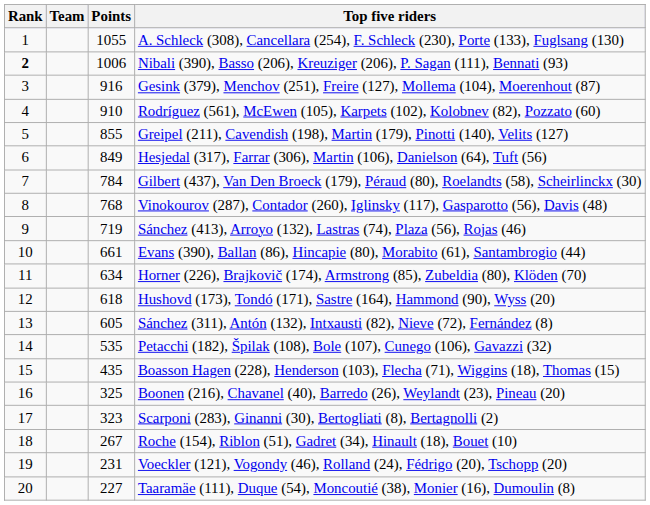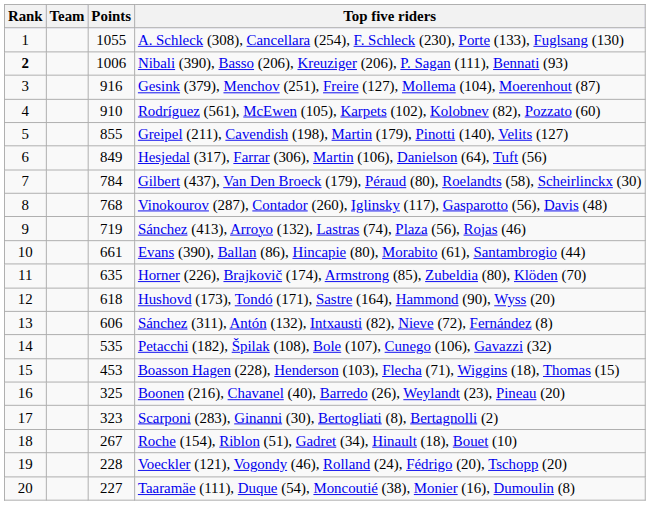 <table class="wikitable">
 <tr style="background:#ccccff;">
 <th>Rank</th>
 <th>Team</th>
 <th>Points</th>
 <th>Top five riders</th>
 </tr>
 <tr>
 <td align=center>1</td>
 <td></td>
 <td align=center>1055</td>
 <td><a href='#'>A. Schleck</a> (308), <a href='#'>Cancellara</a> (254), <a href='#'>F. Schleck</a> (230), <a href='#'>Porte</a> (133), <a href='#'>Fuglsang</a> (130)</td>
 </tr>
 <tr>
 <td align=center><strong>2</strong></td>
 <td></td>
 <td align=center>1006</td>
 <td><a href='#'>Nibali</a> (390), <a href='#'>Basso</a> (206), <a href='#'>Kreuziger</a> (206), <a href='#'>P. Sagan</a> (111), <a href='#'>Bennati</a> (93)</td>
 </tr>
 <tr>
 <td align=center>3</td>
 <td></td>
 <td align=center>916</td>
 <td><a href='#'>Gesink</a> (379), <a href='#'>Menchov</a> (251), <a href='#'>Freire</a> (127), <a href='#'>Mollema</a> (104), <a href='#'>Moerenhout</a> (87)</td>
 </tr>
 <tr>
 <td align=center>4</td>
 <td></td>
 <td align=center>910</td>
 <td><a href='#'>Rodríguez</a> (561), <a href='#'>McEwen</a> (105), <a href='#'>Karpets</a> (102), <a href='#'>Kolobnev</a> (82), <a href='#'>Pozzato</a> (60)</td>
 </tr>
 <tr>
 <td align=center>5</td>
 <td></td>
 <td align=center>855</td>
 <td><a href='#'>Greipel</a> (211), <a href='#'>Cavendish</a> (198), <a href='#'>Martin</a> (179), <a href='#'>Pinotti</a> (140), <a href='#'>Velits</a> (127)</td>
 </tr>
 <tr>
 <td align=center>6</td>
 <td></td>
 <td align=center>849</td>
 <td><a href='#'>Hesjedal</a> (317), <a href='#'>Farrar</a> (306), <a href='#'>Martin</a> (106), <a href='#'>Danielson</a> (64), <a href='#'>Tuft</a> (56)</td>
 </tr>
 <tr>
 <td align=center>7</td>
 <td></td>
 <td align=center>784</td>
 <td><a href='#'>Gilbert</a> (437), <a href='#'>Van Den Broeck</a> (179), <a href='#'>Péraud</a> (80), <a href='#'>Roelandts</a> (58), <a href='#'>Scheirlinckx</a> (30)</td>
 </tr>
 <tr>
 <td align=center>8</td>
 <td></td>
 <td align=center>768</td>
 <td><a href='#'>Vinokourov</a> (287), <a href='#'>Contador</a> (260), <a href='#'>Iglinsky</a> (117), <a href='#'>Gasparotto</a> (56), <a href='#'>Davis</a> (48)</td>
 </tr>
 <tr>
 <td align=center>9</td>
 <td></td>
 <td align=center>719</td>
 <td><a href='#'>Sánchez</a> (413), <a href='#'>Arroyo</a> (132), <a href='#'>Lastras</a> (74), <a href='#'>Plaza</a> (56), <a href='#'>Rojas</a> (46)</td>
 </tr>
 <tr>
 <td align=center>10</td>
 <td></td>
 <td align=center>661</td>
 <td><a href='#'>Evans</a> (390), <a href='#'>Ballan</a> (86), <a href='#'>Hincapie</a> (80), <a href='#'>Morabito</a> (61), <a href='#'>Santambrogio</a> (44)</td>
 </tr>
 <tr>
 <td align=center>11</td>
 <td></td>
-<td align=center>634</td>
+<td align=center>635</td>
 <td><a href='#'>Horner</a> (226), <a href='#'>Brajkovič</a> (174), <a href='#'>Armstrong</a> (85), <a href='#'>Zubeldia</a> (80), <a href='#'>Klöden</a> (70)</td>
 </tr>
 <tr>
 <td align=center>12</td>
 <td></td>
 <td align=center>618</td>
 <td><a href='#'>Hushovd</a> (173), <a href='#'>Tondó</a> (171), <a href='#'>Sastre</a> (164), <a href='#'>Hammond</a> (90), <a href='#'>Wyss</a> (20)</td>
 </tr>
 <tr>
 <td align=center>13</td>
 <td></td>
-<td align=center>605</td>
+<td align=center>606</td>
 <td><a href='#'>Sánchez</a> (311), <a href='#'>Antón</a> (132), <a href='#'>Intxausti</a> (82), <a href='#'>Nieve</a> (72), <a href='#'>Fernández</a> (8)</td>
 </tr>
 <tr>
 <td align=center>14</td>
 <td></td>
 <td align=center>535</td>
 <td><a href='#'>Petacchi</a> (182), <a href='#'>Špilak</a> (108), <a href='#'>Bole</a> (107), <a href='#'>Cunego</a> (106), <a href='#'>Gavazzi</a> (32)</td>
 </tr>
 <tr>
 <td align=center>15</td>
 <td></td>
-<td align=center>435</td>
+<td align=center>453</td>
 <td><a href='#'>Boasson Hagen</a> (228), <a href='#'>Henderson</a> (103), <a href='#'>Flecha</a> (71), <a href='#'>Wiggins</a> (18), <a href='#'>Thomas</a> (15)</td>
 </tr>
 <tr>
 <td align=center>16</td>
 <td></td>
 <td align=center>325</td>
 <td><a href='#'>Boonen</a> (216), <a href='#'>Chavanel</a> (40), <a href='#'>Barredo</a> (26), <a href='#'>Weylandt</a> (23), <a href='#'>Pineau</a> (20)</td>
 </tr>
 <tr>
 <td align=center>17</td>
 <td></td>
 <td align=center>323</td>
 <td><a href='#'>Scarponi</a> (283), <a href='#'>Ginanni</a> (30), <a href='#'>Bertogliati</a> (8), <a href='#'>Bertagnolli</a> (2)</td>
 </tr>
 <tr>
 <td align=center>18</td>
 <td></td>
 <td align=center>267</td>
 <td><a href='#'>Roche</a> (154), <a href='#'>Riblon</a> (51), <a href='#'>Gadret</a> (34), <a href='#'>Hinault</a> (18), <a href='#'>Bouet</a> (10)</td>
 </tr>
 <tr>
 <td align=center>19</td>
 <td></td>
-<td align=center>231</td>
+<td align=center>228</td>
 <td><a href='#'>Voeckler</a> (121), <a href='#'>Vogondy</a> (46), <a href='#'>Rolland</a> (24), <a href='#'>Fédrigo</a> (20), <a href='#'>Tschopp</a> (20)</td>
 </tr>
 <tr>
 <td align=center>20</td>
 <td></td>
 <td align=center>227</td>
 <td><a href='#'>Taaramäe</a> (111), <a href='#'>Duque</a> (54), <a href='#'>Moncoutié</a> (38), <a href='#'>Monier</a> (16), <a href='#'>Dumoulin</a> (8)</td>
 </tr>
 </table>
